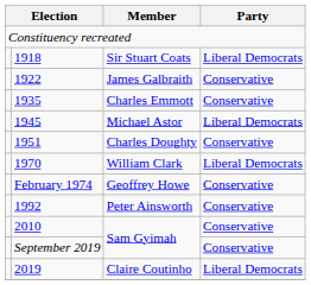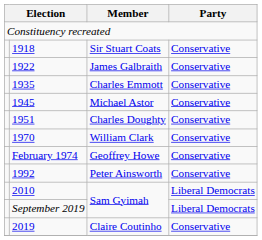 <table class="wikitable">
 <tr>
 <th colspan="2">Election</th>
 <th>Member</th>
 <th>Party</th>
 </tr>
 <tr>
 <td colspan="6"><em>Constituency recreated</em></td>
 </tr>
 <tr>
 <td style="color:inherit;background-color: "></td>
 <td><a href='#'>1918</a></td>
 <td><a href='#'>Sir Stuart Coats</a></td>
-<td><a href='#'>Liberal Democrats</a></td>
+<td><a href='#'>Conservative</a></td>
 </tr>
 <tr>
 <td style="color:inherit;background-color: "></td>
 <td><a href='#'>1922</a></td>
 <td><a href='#'>James Galbraith</a></td>
 <td><a href='#'>Conservative</a></td>
 </tr>
 <tr>
 <td style="color:inherit;background-color: "></td>
 <td><a href='#'>1935</a></td>
 <td><a href='#'>Charles Emmott</a></td>
 <td><a href='#'>Conservative</a></td>
 </tr>
 <tr>
 <td style="color:inherit;background-color: "></td>
 <td><a href='#'>1945</a></td>
 <td><a href='#'>Michael Astor</a></td>
-<td><a href='#'>Liberal Democrats</a></td>
+<td><a href='#'>Conservative</a></td>
 </tr>
 <tr>
 <td style="color:inherit;background-color: "></td>
 <td><a href='#'>1951</a></td>
 <td><a href='#'>Charles Doughty</a></td>
 <td><a href='#'>Conservative</a></td>
 </tr>
 <tr>
 <td style="color:inherit;background-color: "></td>
 <td><a href='#'>1970</a></td>
 <td><a href='#'>William Clark</a></td>
-<td><a href='#'>Liberal Democrats</a></td>
+<td><a href='#'>Conservative</a></td>
 </tr>
 <tr>
 <td style="color:inherit;background-color: "></td>
 <td><a href='#'>February 1974</a></td>
 <td><a href='#'>Geoffrey Howe</a></td>
 <td><a href='#'>Conservative</a></td>
 </tr>
 <tr>
 <td style="color:inherit;background-color: "></td>
 <td><a href='#'>1992</a></td>
 <td><a href='#'>Peter Ainsworth</a></td>
 <td><a href='#'>Conservative</a></td>
 </tr>
 <tr>
 <td style="color:inherit;background-color: "></td>
 <td><a href='#'>2010</a></td>
 <td rowspan="2"><a href='#'>Sam Gyimah</a></td>
-<td><a href='#'>Conservative</a></td>
+<td><a href='#'>Liberal Democrats</a></td>
 </tr>
 <tr>
 <td style="color:inherit;background-color: "></td>
 <td><em>September 2019</em></td>
-<td><a href='#'>Conservative</a></td>
+<td><a href='#'>Liberal Democrats</a></td>
 </tr>
 <tr>
 <td style="color:inherit;background-color: "></td>
 <td><a href='#'>2019</a></td>
 <td><a href='#'>Claire Coutinho</a></td>
-<td><a href='#'>Liberal Democrats</a></td>
+<td><a href='#'>Conservative</a></td>
 </tr>
 <tr>
 </tr>
 </table>
